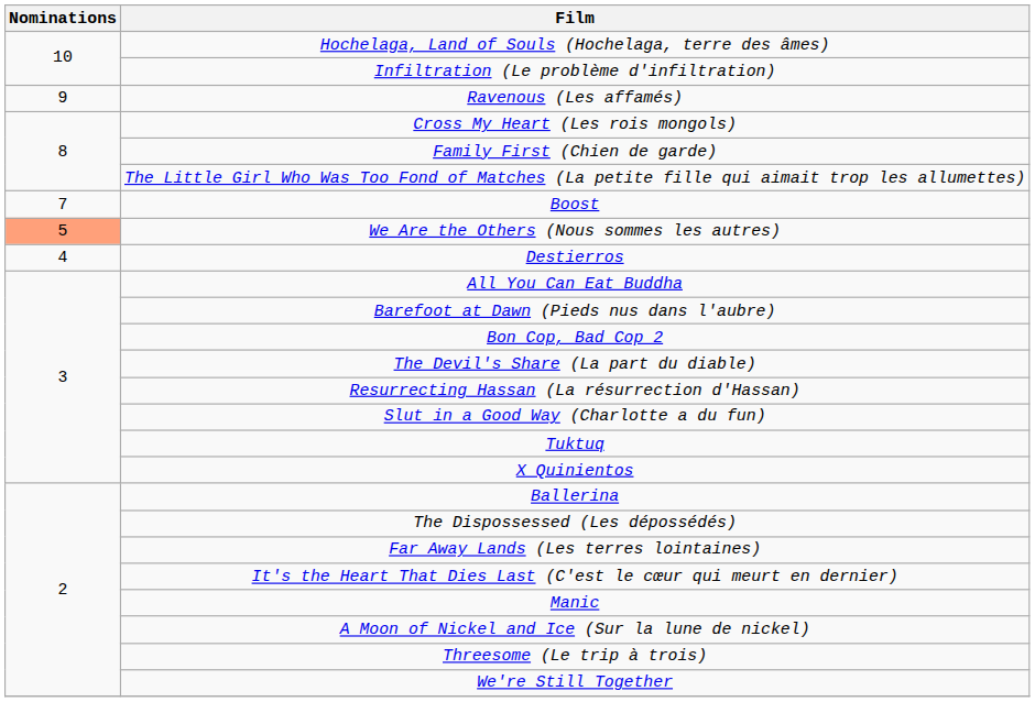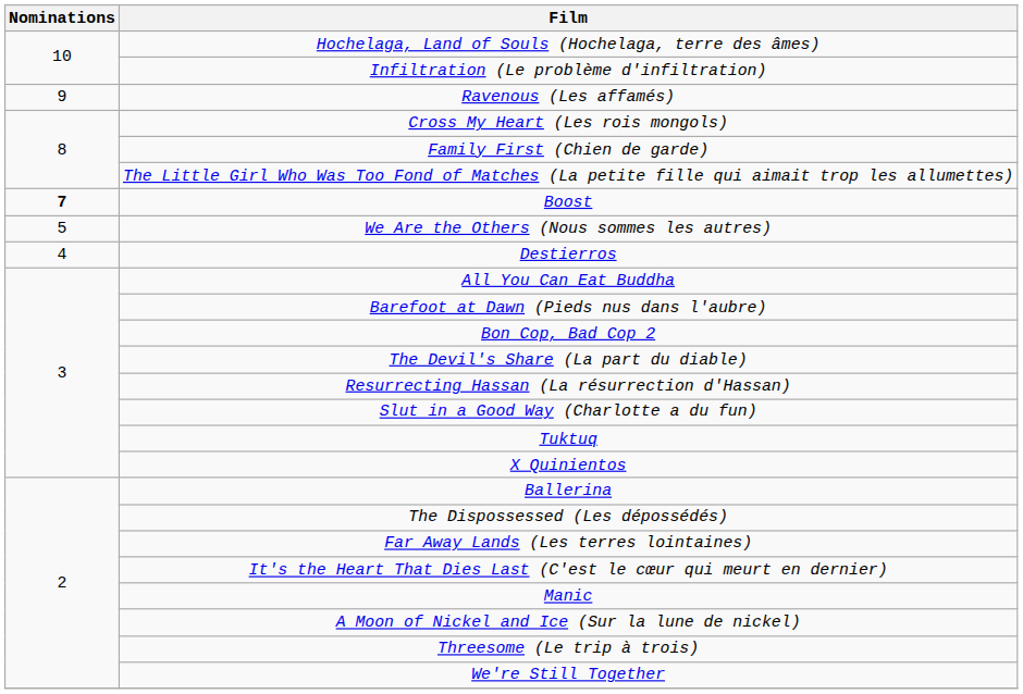 <table class="wikitable" style="text-align:center;">
 <tr>
 <th scope="col" width="17">Nominations</th>
 <th scope="col" align="center">Film</th>
 </tr>
 <tr>
 <td rowspan="2" style="text-align:center;">10</td>
 <td><em><a href='#'>Hochelaga, Land of Souls</a> (Hochelaga, terre des âmes)</em></td>
 </tr>
 <tr>
 <td><em><a href='#'>Infiltration</a> (Le problème d'infiltration)</em></td>
 </tr>
 <tr>
 <td rowspan="1" style="text-align:center;">9</td>
 <td><em><a href='#'>Ravenous</a> (Les affamés)</em></td>
 </tr>
 <tr>
 <td rowspan="3" style="text-align:center;">8</td>
 <td><em><a href='#'>Cross My Heart</a> (Les rois mongols)</em></td>
 </tr>
 <tr>
 <td><em><a href='#'>Family First</a> (Chien de garde)</em></td>
 </tr>
 <tr>
 <td><em><a href='#'>The Little Girl Who Was Too Fond of Matches</a> (La petite fille qui aimait trop les allumettes)</em></td>
 </tr>
 <tr>
-<td rowspan="1" style="text-align:center;">7</td>
+<td rowspan="1" style="text-align:center;"><strong>7</strong></td>
 <td><em><a href='#'>Boost</a></em></td>
 </tr>
 <tr>
-<td rowspan="1" style="background: lightsalmon; text-align:center;">5</td>
+<td rowspan="1" style="text-align:center;">5</td>
 <td><em><a href='#'>We Are the Others</a> (Nous sommes les autres)</em></td>
 </tr>
 <tr>
 <td rowspan="1" style="text-align:center;">4</td>
 <td><em><a href='#'>Destierros</a></em></td>
 </tr>
 <tr>
 <td rowspan="8" style="text-align:center;">3</td>
 <td><em><a href='#'>All You Can Eat Buddha</a></em></td>
 </tr>
 <tr>
 <td><em><a href='#'>Barefoot at Dawn</a> (Pieds nus dans l'aubre)</em></td>
 </tr>
 <tr>
 <td><em><a href='#'>Bon Cop, Bad Cop 2</a></em></td>
 </tr>
 <tr>
 <td><em><a href='#'>The Devil's Share</a> (La part du diable)</em></td>
 </tr>
 <tr>
 <td><em><a href='#'>Resurrecting Hassan</a> (La résurrection d'Hassan)</em></td>
 </tr>
 <tr>
 <td><em><a href='#'>Slut in a Good Way</a> (Charlotte a du fun)</em></td>
 </tr>
 <tr>
 <td><em><a href='#'>Tuktuq</a></em></td>
 </tr>
 <tr>
 <td><em><a href='#'>X Quinientos</a></em></td>
 </tr>
 <tr>
 <td rowspan="8" style="text-align:center;">2</td>
 <td><em><a href='#'>Ballerina</a></em></td>
 </tr>
 <tr>
 <td><em>The Dispossessed (Les dépossédés)</em></td>
 </tr>
 <tr>
 <td><em><a href='#'>Far Away Lands</a> (Les terres lointaines)</em></td>
 </tr>
 <tr>
 <td><em><a href='#'>It's the Heart That Dies Last</a> (C'est le cœur qui meurt en dernier)</em></td>
 </tr>
 <tr>
 <td><em><a href='#'>Manic</a></em></td>
 </tr>
 <tr>
 <td><em><a href='#'>A Moon of Nickel and Ice</a> (Sur la lune de nickel)</em></td>
 </tr>
 <tr>
 <td><em><a href='#'>Threesome</a> (Le trip à trois)</em></td>
 </tr>
 <tr>
 <td><em><a href='#'>We're Still Together</a></em></td>
 </tr>
 <tr>
 </tr>
 </table>
